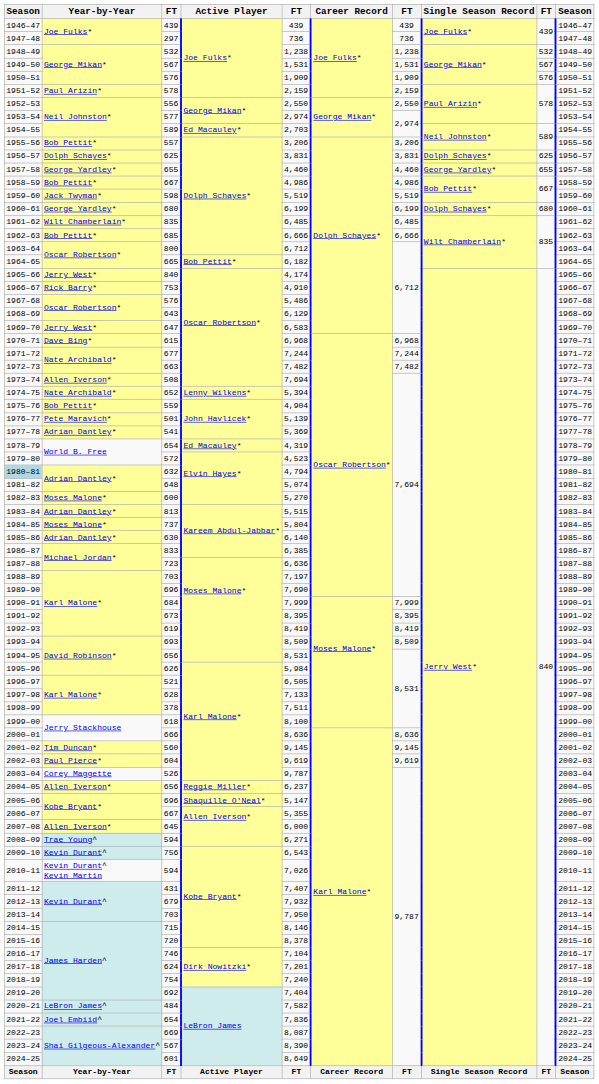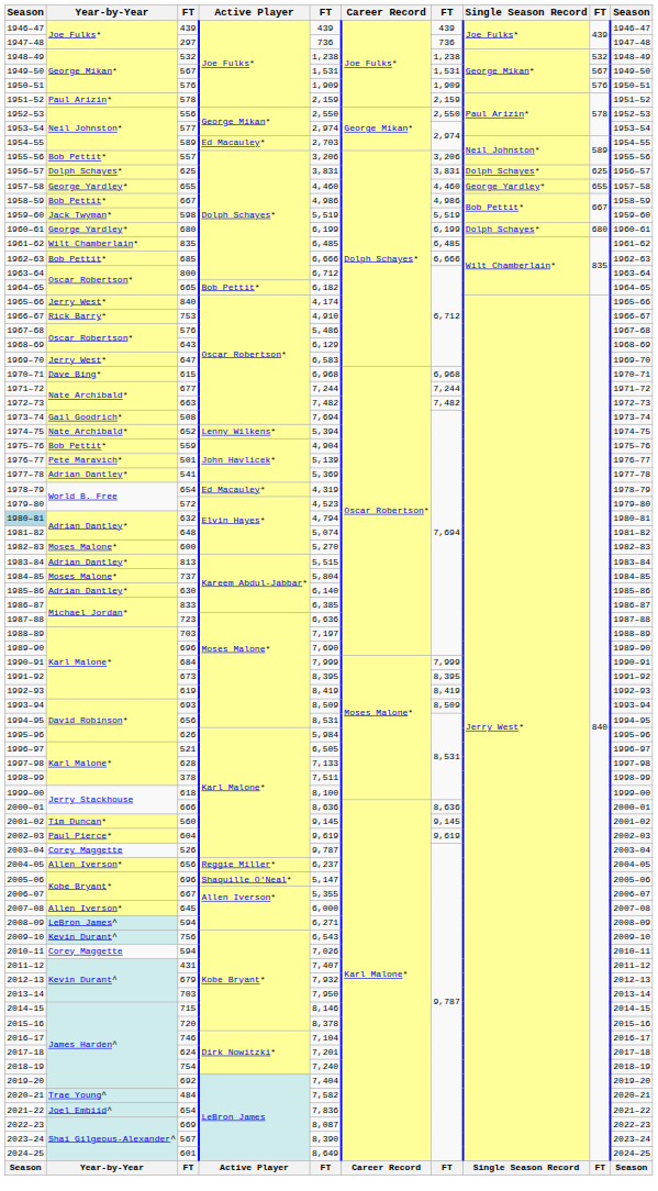 <table class="wikitable">
 <tr style="font-size:115%;">
 <th>Season</th>
 <th>Year-by-Year</th>
 <th>FT</th>
 <th>Active Player</th>
 <th>FT</th>
 <th>Career Record</th>
 <th>FT</th>
 <th>Single Season Record</th>
 <th>FT</th>
 <th>Season</th>
 </tr>
 <tr>
 <td>1946–47</td>
 <td rowspan=2 bgcolor="#FFFF99"><a href='#'>Joe Fulks</a>*</td>
 <td align=center style="border-right: solid blue">439</td>
 <td rowspan=6 bgcolor="#FFFF99"><a href='#'>Joe Fulks</a>*</td>
 <td align=center style="border-right: solid blue">439</td>
 <td bgcolor="#FFFF99" rowspan=6><a href='#'>Joe Fulks</a>*</td>
 <td align=center style="border-right: solid blue">439</td>
 <td rowspan=2 bgcolor="#FFFF99"><a href='#'>Joe Fulks</a>*</td>
 <td rowspan=2 align=center style="border-right: solid blue">439</td>
 <td>1946–47</td>
 </tr>
 <tr>
 <td>1947–48</td>
 <td align=center style="border-right: solid blue">297</td>
 <td align=center style="border-right: solid blue">736</td>
 <td align=center  style="border-right: solid blue">736</td>
 <td>1947–48</td>
 </tr>
 <tr>
 <td>1948–49</td>
 <td rowspan=3 bgcolor="#FFFF99"><a href='#'>George Mikan</a>*</td>
 <td align=center style="border-right: solid blue">532</td>
 <td align=center style="border-right: solid blue">1,238</td>
 <td align=center  style="border-right: solid blue">1,238</td>
 <td rowspan=3 bgcolor="#FFFF99"><a href='#'>George Mikan</a>*</td>
 <td align=center style="border-right: solid blue">532</td>
 <td>1948–49</td>
 </tr>
 <tr>
 <td>1949–50</td>
 <td align=center style="border-right: solid blue">567</td>
 <td align=center style="border-right: solid blue">1,531</td>
 <td align=center  style="border-right: solid blue">1,531</td>
 <td align=center style="border-right: solid blue">567</td>
 <td>1949–50</td>
 </tr>
 <tr>
 <td>1950–51</td>
 <td align=center style="border-right: solid blue">576</td>
 <td align=center style="border-right: solid blue">1,909</td>
 <td align=center  style="border-right: solid blue">1,909</td>
 <td align=center style="border-right: solid blue">576</td>
 <td>1950–51</td>
 </tr>
 <tr>
 <td>1951–52</td>
 <td bgcolor="#FFFF99"><a href='#'>Paul Arizin</a>*</td>
 <td align=center style="border-right: solid blue">578</td>
 <td align=center style="border-right: solid blue">2,159</td>
 <td align=center  style="border-right: solid blue">2,159</td>
 <td rowspan=3 bgcolor="#FFFF99"><a href='#'>Paul Arizin</a>*</td>
 <td rowspan=3 align=center  style="border-right: solid blue">578</td>
 <td>1951–52</td>
 </tr>
 <tr>
 <td>1952–53</td>
 <td rowspan=3 bgcolor="#FFFF99"><a href='#'>Neil Johnston</a>*</td>
 <td align=center style="border-right: solid blue">556</td>
 <td rowspan=2 bgcolor="#FFFF99"><a href='#'>George Mikan</a>*</td>
 <td align=center style="border-right: solid blue">2,550</td>
 <td rowspan=3 bgcolor="#FFFF99"><a href='#'>George Mikan</a>*</td>
 <td align=center  style="border-right: solid blue">2,550</td>
 <td>1952–53</td>
 </tr>
 <tr>
 <td>1953–54</td>
 <td align=center style="border-right: solid blue">577</td>
 <td align=center style="border-right: solid blue">2,974</td>
 <td rowspan=2 align=center  style="border-right: solid blue">2,974</td>
 <td>1953–54</td>
 </tr>
 <tr>
 <td>1954–55</td>
 <td align=center style="border-right: solid blue">589</td>
 <td bgcolor="#FFFF99"><a href='#'>Ed Macauley</a>*</td>
 <td align=center style="border-right: solid blue">2,703</td>
 <td rowspan=2 bgcolor="#FFFF99"><a href='#'>Neil Johnston</a>*</td>
 <td align=center rowspan=2  style="border-right: solid blue">589</td>
 <td>1954–55</td>
 </tr>
 <tr>
 <td>1955–56</td>
 <td bgcolor="#FFFF99"><a href='#'>Bob Pettit</a>*</td>
 <td align=center style="border-right: solid blue">557</td>
 <td bgcolor="#FFFF99" rowspan=9><a href='#'>Dolph Schayes</a>*</td>
 <td align=center style="border-right: solid blue">3,206</td>
 <td bgcolor="#FFFF99" rowspan=15><a href='#'>Dolph Schayes</a>*</td>
 <td align=center style="border-right: solid blue">3,206</td>
 <td>1955–56</td>
 </tr>
 <tr>
 <td>1956–57</td>
 <td bgcolor="#FFFF99"><a href='#'>Dolph Schayes</a>*</td>
 <td align=center style="border-right: solid blue">625</td>
 <td align=center style="border-right: solid blue">3,831</td>
 <td align=center style="border-right: solid blue">3,831</td>
 <td bgcolor="#FFFF99"><a href='#'>Dolph Schayes</a>*</td>
 <td align=center  style="border-right: solid blue">625</td>
 <td>1956–57</td>
 </tr>
 <tr>
 <td>1957–58</td>
 <td bgcolor="#FFFF99"><a href='#'>George Yardley</a>*</td>
 <td align=center style="border-right: solid blue">655</td>
 <td align=center style="border-right: solid blue">4,460</td>
 <td align=center style="border-right: solid blue">4,460</td>
 <td bgcolor="#FFFF99"><a href='#'>George Yardley</a>*</td>
 <td align=center style="border-right: solid blue">655</td>
 <td>1957–58</td>
 </tr>
 <tr>
 <td>1958–59</td>
 <td bgcolor="#FFFF99"><a href='#'>Bob Pettit</a>*</td>
 <td align=center style="border-right: solid blue">667</td>
 <td align=center style="border-right: solid blue">4,986</td>
 <td align=center style="border-right: solid blue">4,986</td>
 <td rowspan=2 bgcolor="#FFFF99"><a href='#'>Bob Pettit</a>*</td>
 <td rowspan=2 align=center style="border-right: solid blue">667</td>
 <td>1958–59</td>
 </tr>
 <tr>
 <td>1959–60</td>
 <td bgcolor="#FFFF99"><a href='#'>Jack Twyman</a>*</td>
 <td align=center style="border-right: solid blue">598</td>
 <td align=center style="border-right: solid blue">5,519</td>
 <td align=center style="border-right: solid blue">5,519</td>
 <td>1959–60</td>
 </tr>
 <tr>
 <td>1960–61</td>
 <td bgcolor="#FFFF99"><a href='#'>George Yardley</a>*</td>
 <td align=center style="border-right: solid blue">680</td>
 <td align=center style="border-right: solid blue">6,199</td>
 <td align=center style="border-right: solid blue">6,199</td>
 <td bgcolor="#FFFF99"><a href='#'>Dolph Schayes</a>*</td>
 <td align=center style="border-right: solid blue">680</td>
 <td>1960–61</td>
 </tr>
 <tr>
 <td>1961–62</td>
 <td bgcolor="#FFFF99"><a href='#'>Wilt Chamberlain</a>*</td>
 <td align=center style="border-right: solid blue">835</td>
 <td align=center style="border-right: solid blue">6,485</td>
 <td align=center style="border-right: solid blue">6,485</td>
 <td rowspan=4 bgcolor="#FFFF99"><a href='#'>Wilt Chamberlain</a>*</td>
 <td rowspan=4 align=center style="border-right: solid blue">835</td>
 <td>1961–62</td>
 </tr>
 <tr>
 <td>1962–63</td>
 <td bgcolor="#FFFF99"><a href='#'>Bob Pettit</a>*</td>
 <td align=center style="border-right: solid blue">685</td>
 <td align=center style="border-right: solid blue">6,666</td>
 <td align=center style="border-right: solid blue">6,666</td>
 <td>1962–63</td>
 </tr>
 <tr>
 <td>1963–64</td>
 <td rowspan=2 bgcolor="#FFFF99"><a href='#'>Oscar Robertson</a>*</td>
 <td align=center style="border-right: solid blue">800</td>
 <td align=center style="border-right: solid blue">6,712</td>
 <td rowspan=7 align=center style="border-right: solid blue">6,712</td>
 <td>1963–64</td>
 </tr>
 <tr>
 <td>1964–65</td>
 <td align=center style="border-right: solid blue">665</td>
 <td bgcolor="#FFFF99"><a href='#'>Bob Pettit</a>*</td>
 <td align=center style="border-right: solid blue">6,182</td>
 <td>1964–65</td>
 </tr>
 <tr>
 <td>1965–66</td>
 <td bgcolor="#FFFF99"><a href='#'>Jerry West</a>*</td>
 <td align=center style="border-right: solid blue">840</td>
 <td rowspan=9 bgcolor="#FFFF99"><a href='#'>Oscar Robertson</a>*<br><br></td>
 <td align=center style="border-right: solid blue">4,174</td>
 <td rowspan=60 bgcolor="#FFFF99"><a href='#'>Jerry West</a>*</td>
 <td rowspan=60 align=center style="border-right: solid blue">840</td>
 <td>1965–66</td>
 </tr>
 <tr>
 <td>1966–67</td>
 <td bgcolor="#FFFF99"><a href='#'>Rick Barry</a>*</td>
 <td align=center style="border-right: solid blue">753</td>
 <td align=center style="border-right: solid blue">4,910</td>
 <td>1966–67</td>
 </tr>
 <tr>
 <td>1967–68</td>
 <td rowspan=2 bgcolor="#FFFF99"><a href='#'>Oscar Robertson</a>*</td>
 <td align=center style="border-right: solid blue">576</td>
 <td align=center style="border-right: solid blue">5,486</td>
 <td>1967–68</td>
 </tr>
 <tr>
 <td>1968–69</td>
 <td align=center style="border-right: solid blue">643</td>
 <td align=center style="border-right: solid blue">6,129</td>
 <td>1968–69</td>
 </tr>
 <tr>
 <td>1969–70</td>
 <td bgcolor="#FFFF99"><a href='#'>Jerry West</a>*</td>
 <td align=center style="border-right: solid blue">647</td>
 <td align=center style="border-right: solid blue">6,583</td>
 <td>1969–70</td>
 </tr>
 <tr>
 <td>1970–71</td>
 <td bgcolor="#FFFF99"><a href='#'>Dave Bing</a>*</td>
 <td align=center style="border-right: solid blue">615</td>
 <td align=center style="border-right: solid blue">6,968</td>
 <td rowspan=20 bgcolor="#FFFF99"><a href='#'>Oscar Robertson</a>*</td>
 <td align=center style="border-right: solid blue">6,968</td>
 <td>1970–71</td>
 </tr>
 <tr>
 <td>1971–72</td>
 <td rowspan=2 bgcolor="#FFFF99"><a href='#'>Nate Archibald</a>*<br></td>
 <td align=center style="border-right: solid blue">677</td>
 <td align=center style="border-right: solid blue">7,244</td>
 <td align=center style="border-right: solid blue">7,244</td>
 <td>1971–72</td>
 </tr>
 <tr>
 <td>1972–73</td>
 <td align=center style="border-right: solid blue">663</td>
 <td align=center style="border-right: solid blue">7,482</td>
 <td align=center style="border-right: solid blue">7,482</td>
 <td>1972–73</td>
 </tr>
 <tr>
 <td>1973–74</td>
-<td bgcolor="#FFFF99"><a href='#'>Allen Iverson</a>*</td>
+<td bgcolor="#FFFF99"><a href='#'>Gail Goodrich</a>*</td>
 <td align=center style="border-right: solid blue">508</td>
 <td align=center style="border-right: solid blue">7,694</td>
 <td rowspan=17 align=center style="border-right: solid blue">7,694</td>
 <td>1973–74</td>
 </tr>
 <tr>
 <td>1974–75</td>
 <td bgcolor="#FFFF99"><a href='#'>Nate Archibald</a>*</td>
 <td align=center style="border-right: solid blue">652</td>
 <td bgcolor="#FFFF99"><a href='#'>Lenny Wilkens</a>*</td>
 <td align=center style="border-right: solid blue">5,394</td>
 <td>1974–75</td>
 </tr>
 <tr>
 <td>1975–76</td>
 <td bgcolor="#FFFF99"><a href='#'>Bob Pettit</a>*</td>
 <td align=center style="border-right: solid blue">559</td>
 <td rowspan=3 bgcolor="#FFFF99"><a href='#'>John Havlicek</a>*</td>
 <td align=center style="border-right: solid blue">4,904</td>
 <td>1975–76</td>
 </tr>
 <tr>
 <td>1976–77</td>
 <td bgcolor="#FFFF99"><a href='#'>Pete Maravich</a>*</td>
 <td align=center style="border-right: solid blue">501</td>
 <td align=center style="border-right: solid blue">5,139</td>
 <td>1976–77</td>
 </tr>
 <tr>
 <td>1977–78</td>
 <td bgcolor="#FFFF99"><a href='#'>Adrian Dantley</a>*</td>
 <td align=center style="border-right: solid blue">541</td>
 <td align=center style="border-right: solid blue">5,369</td>
 <td>1977–78</td>
 </tr>
 <tr>
 <td>1978–79</td>
 <td rowspan=2><a href='#'>World B. Free</a></td>
 <td align=center style="border-right: solid blue">654</td>
 <td bgcolor="#FFFF99"><a href='#'>Ed Macauley</a>*</td>
 <td align=center style="border-right: solid blue">4,319</td>
 <td>1978–79</td>
 </tr>
 <tr>
 <td>1979–80</td>
 <td align=center style="border-right: solid blue">572</td>
 <td rowspan=4 bgcolor="#FFFF99"><a href='#'>Elvin Hayes</a>*<br><br></td>
 <td align=center style="border-right: solid blue">4,523</td>
 <td>1979–80</td>
 </tr>
 <tr>
 <td style="background: lightblue;">1980–81</td>
 <td rowspan=2 bgcolor="#FFFF99"><a href='#'>Adrian Dantley</a>*</td>
 <td align=center style="border-right: solid blue">632</td>
 <td align=center style="border-right: solid blue">4,794</td>
 <td>1980–81</td>
 </tr>
 <tr>
 <td>1981–82</td>
 <td align=center style="border-right: solid blue">648</td>
 <td align=center style="border-right: solid blue">5,074</td>
 <td>1981–82</td>
 </tr>
 <tr>
 <td>1982–83</td>
 <td bgcolor="#FFFF99"><a href='#'>Moses Malone</a>*</td>
 <td align=center style="border-right: solid blue">600</td>
 <td align=center style="border-right: solid blue">5,270</td>
 <td>1982–83</td>
 </tr>
 <tr>
 <td>1983–84</td>
 <td bgcolor="#FFFF99"><a href='#'>Adrian Dantley</a>*</td>
 <td align=center style="border-right: solid blue">813</td>
 <td bgcolor="#FFFF99" rowspan=4><a href='#'>Kareem Abdul-Jabbar</a>*</td>
 <td align=center style="border-right: solid blue">5,515</td>
 <td>1983–84</td>
 </tr>
 <tr>
 <td>1984–85</td>
 <td bgcolor="#FFFF99"><a href='#'>Moses Malone</a>*</td>
 <td align=center style="border-right: solid blue">737</td>
 <td align=center style="border-right: solid blue">5,804</td>
 <td>1984–85</td>
 </tr>
 <tr>
 <td>1985–86</td>
 <td bgcolor="#FFFF99"><a href='#'>Adrian Dantley</a>*</td>
 <td align=center style="border-right: solid blue">630</td>
 <td align=center style="border-right: solid blue">6,140</td>
 <td>1985–86</td>
 </tr>
 <tr>
 <td>1986–87</td>
 <td rowspan=2 bgcolor="#FFFF99"><a href='#'>Michael Jordan</a>*</td>
 <td align=center style="border-right: solid blue">833</td>
 <td align=center style="border-right: solid blue">6,385</td>
 <td>1986–87</td>
 </tr>
 <tr>
 <td>1987–88</td>
 <td align=center style="border-right: solid blue">723</td>
 <td rowspan=8 bgcolor="#FFFF99"><a href='#'>Moses Malone</a>*<br><br><br><br><br></td>
 <td align=center style="border-right: solid blue">6,636</td>
 <td>1987–88</td>
 </tr>
 <tr>
 <td>1988–89</td>
 <td rowspan=5 bgcolor="#FFFF99"><a href='#'>Karl Malone</a>*</td>
 <td align=center style="border-right: solid blue">703</td>
 <td align=center style="border-right: solid blue">7,197</td>
 <td>1988–89</td>
 </tr>
 <tr>
 <td>1989–90</td>
 <td align=center style="border-right: solid blue">696</td>
 <td align=center style="border-right: solid blue">7,690</td>
 <td>1989–90</td>
 </tr>
 <tr>
 <td>1990–91</td>
 <td align=center style="border-right: solid blue">684</td>
 <td align=center style="border-right: solid blue">7,999</td>
 <td rowspan=10 bgcolor="#FFFF99"><a href='#'>Moses Malone</a>*<br><br><br><br></td>
 <td align=center style="border-right: solid blue">7,999</td>
 <td>1990–91</td>
 </tr>
 <tr>
 <td>1991–92</td>
 <td align=center style="border-right: solid blue">673</td>
 <td align=center style="border-right: solid blue">8,395</td>
 <td align=center style="border-right: solid blue">8,395</td>
 <td>1991–92</td>
 </tr>
 <tr>
 <td>1992–93</td>
 <td align=center style="border-right: solid blue">619</td>
 <td align=center style="border-right: solid blue">8,419</td>
 <td align=center style="border-right: solid blue">8,419</td>
 <td>1992–93</td>
 </tr>
 <tr>
 <td>1993–94</td>
 <td rowspan=3 bgcolor="#FFFF99"><a href='#'>David Robinson</a>*</td>
 <td align=center style="border-right: solid blue">693</td>
 <td align=center style="border-right: solid blue">8,509</td>
 <td align=center style="border-right: solid blue">8,509</td>
 <td>1993–94</td>
 </tr>
 <tr>
 <td>1994–95</td>
 <td align=center style="border-right: solid blue">656</td>
 <td align=center style="border-right: solid blue">8,531</td>
 <td rowspan=6 align=center style="border-right: solid blue">8,531</td>
 <td>1994–95</td>
 </tr>
 <tr>
 <td>1995–96</td>
 <td align=center style="border-right: solid blue">626</td>
 <td rowspan=9 bgcolor="#FFFF99"><a href='#'>Karl Malone</a>*<br><br></td>
 <td align=center style="border-right: solid blue">5,984</td>
 <td>1995–96</td>
 </tr>
 <tr>
 <td>1996–97</td>
 <td rowspan=3 bgcolor="#FFFF99"><a href='#'>Karl Malone</a>*</td>
 <td align=center style="border-right: solid blue">521</td>
 <td align=center style="border-right: solid blue">6,505</td>
 <td>1996–97</td>
 </tr>
 <tr>
 <td>1997–98</td>
 <td align=center style="border-right: solid blue">628</td>
 <td align=center style="border-right: solid blue">7,133</td>
 <td>1997–98</td>
 </tr>
 <tr>
 <td>1998–99</td>
 <td align=center style="border-right: solid blue">378</td>
 <td align=center style="border-right: solid blue">7,511</td>
 <td>1998–99</td>
 </tr>
 <tr>
 <td>1999–00</td>
 <td rowspan=2><a href='#'>Jerry Stackhouse</a></td>
 <td align=center style="border-right: solid blue">618</td>
 <td align=center style="border-right: solid blue">8,100</td>
 <td>1999–00</td>
 </tr>
 <tr>
 <td>2000–01</td>
 <td align=center style="border-right: solid blue">666</td>
 <td align=center style="border-right: solid blue">8,636</td>
 <td rowspan=25 bgcolor="#FFFF99"><a href='#'>Karl Malone</a>*<br><br></td>
 <td align=center style="border-right: solid blue">8,636</td>
 <td>2000–01</td>
 </tr>
 <tr>
 <td>2001–02</td>
 <td bgcolor="#FFFF99"><a href='#'>Tim Duncan</a>*</td>
 <td align=center style="border-right: solid blue">560</td>
 <td align=center style="border-right: solid blue">9,145</td>
 <td align=center style="border-right: solid blue">9,145</td>
 <td>2001–02</td>
 </tr>
 <tr>
 <td>2002–03</td>
 <td bgcolor="#FFFF99"><a href='#'>Paul Pierce</a>*</td>
 <td align=center style="border-right: solid blue">604</td>
 <td align=center style="border-right: solid blue">9,619</td>
 <td align=center style="border-right: solid blue">9,619</td>
 <td>2002–03</td>
 </tr>
 <tr>
 <td>2003–04</td>
 <td><a href='#'>Corey Maggette</a></td>
 <td align=center style="border-right: solid blue">526</td>
 <td align=center style="border-right: solid blue">9,787</td>
 <td rowspan=22 align=center style="border-right: solid blue">9,787</td>
 <td>2003–04</td>
 </tr>
 <tr>
 <td>2004–05</td>
 <td bgcolor="#FFFF99"><a href='#'>Allen Iverson</a>*</td>
 <td align=center style="border-right: solid blue">656</td>
 <td bgcolor="#FFFF99"><a href='#'>Reggie Miller</a>*</td>
 <td align=center style="border-right: solid blue">6,237</td>
 <td>2004–05</td>
 </tr>
 <tr>
 <td>2005–06</td>
 <td rowspan=2 bgcolor="#FFFF99"><a href='#'>Kobe Bryant</a>*</td>
 <td align=center style="border-right: solid blue">696</td>
 <td bgcolor="#FFFF99"><a href='#'>Shaquille O'Neal</a>*</td>
 <td align=center style="border-right: solid blue">5,147</td>
 <td>2005–06</td>
 </tr>
 <tr>
 <td>2006–07</td>
 <td align=center style="border-right: solid blue">667</td>
 <td rowspan=3 bgcolor="#FFFF99"><a href='#'>Allen Iverson</a>*<br><br><br></td>
 <td align=center style="border-right: solid blue">5,355</td>
 <td>2006–07</td>
 </tr>
 <tr>
 <td>2007–08</td>
 <td bgcolor="#FFFF99"><a href='#'>Allen Iverson</a>*</td>
 <td align=center style="border-right: solid blue">645</td>
 <td align=center style="border-right: solid blue">6,000</td>
 <td>2007–08</td>
 </tr>
 <tr>
 <td>2008–09</td>
-<td bgcolor="#CFECEC"><a href='#'>Trae Young</a>^</td>
+<td bgcolor="#CFECEC"><a href='#'>LeBron James</a>^</td>
 <td align=center style="border-right: solid blue">594</td>
 <td align=center style="border-right: solid blue">6,271</td>
 <td>2008–09</td>
 </tr>
 <tr>
 <td>2009–10</td>
 <td bgcolor="#CFECEC"><a href='#'>Kevin Durant</a>^</td>
 <td align=center style="border-right: solid blue">756</td>
 <td rowspan=7 bgcolor="#FFFF99"><a href='#'>Kobe Bryant</a>*</td>
 <td align=center style="border-right: solid blue">6,543</td>
 <td>2009–10</td>
 </tr>
 <tr>
 <td>2010–11</td>
-<td><div><a href='#'>Kevin Durant</a>^</div><a href='#'>Kevin Martin</a></td>
+<td><a href='#'>Corey Maggette</a></td>
 <td align=center style="border-right: solid blue">594</td>
 <td align=center style="border-right: solid blue">7,026</td>
 <td>2010–11</td>
 </tr>
 <tr>
 <td>2011–12</td>
 <td rowspan=3 bgcolor="#CFECEC"><a href='#'>Kevin Durant</a>^</td>
 <td align=center style="border-right: solid blue">431</td>
 <td align=center style="border-right: solid blue">7,407</td>
 <td>2011–12</td>
 </tr>
 <tr>
 <td>2012–13</td>
 <td align=center style="border-right: solid blue">679</td>
 <td align=center style="border-right: solid blue">7,932</td>
 <td>2012–13</td>
 </tr>
 <tr>
 <td>2013–14</td>
 <td align=center style="border-right: solid blue">703</td>
 <td align=center style="border-right: solid blue">7,950</td>
 <td>2013–14</td>
 </tr>
 <tr>
 <td>2014–15</td>
 <td rowspan=6 bgcolor="#CFECEC"><a href='#'>James Harden</a>^</td>
 <td align=center style="border-right: solid blue">715</td>
 <td align=center style="border-right: solid blue">8,146</td>
 <td>2014–15</td>
 </tr>
 <tr>
 <td>2015–16</td>
 <td align=center style="border-right: solid blue">720</td>
 <td align=center style="border-right: solid blue">8,378</td>
 <td>2015–16</td>
 </tr>
 <tr>
 <td>2016–17</td>
 <td align=center style="border-right: solid blue">746</td>
 <td bgcolor="#FFFF99" rowspan=3><a href='#'>Dirk Nowitzki</a>*</td>
 <td align=center style="border-right: solid blue">7,104</td>
 <td>2016–17</td>
 </tr>
 <tr>
 <td>2017–18</td>
 <td align=center style="border-right: solid blue">624</td>
 <td align=center style="border-right: solid blue">7,201</td>
 <td>2017–18</td>
 </tr>
 <tr>
 <td>2018–19</td>
 <td align=center style="border-right: solid blue">754</td>
 <td align=center style="border-right: solid blue">7,240</td>
 <td>2018–19</td>
 </tr>
 <tr>
 <td>2019–20</td>
 <td align=center style="border-right: solid blue">692</td>
 <td rowspan=6 bgcolor="#CFECEC"><a href='#'>LeBron James</a></td>
 <td align=center style="border-right: solid blue">7,404</td>
 <td>2019–20</td>
 </tr>
 <tr>
 <td>2020–21</td>
-<td bgcolor="#CFECEC"><a href='#'>LeBron James</a>^</td>
+<td bgcolor="#CFECEC"><a href='#'>Trae Young</a>^</td>
 <td align=center style="border-right: solid blue">484</td>
 <td align=center style="border-right: solid blue">7,582</td>
 <td>2020–21</td>
 </tr>
 <tr>
 <td>2021–22</td>
 <td bgcolor="#CFECEC"><a href='#'>Joel Embiid</a>^</td>
 <td align=center style="border-right: solid blue">654</td>
 <td align=center style="border-right: solid blue">7,836</td>
 <td>2021–22</td>
 </tr>
 <tr>
 <td>2022–23</td>
 <td bgcolor="#CFECEC" rowspan=3><a href='#'>Shai Gilgeous-Alexander</a>^</td>
 <td align=center style="border-right: solid blue">669</td>
 <td align=center style="border-right: solid blue">8,087</td>
 <td>2022–23</td>
 </tr>
 <tr>
 <td>2023–24</td>
 <td align=center style="border-right: solid blue">567</td>
 <td align=center style="border-right: solid blue">8,390</td>
 <td>2023–24</td>
 </tr>
 <tr>
 <td>2024–25</td>
 <td align=center style="border-right: solid blue">601</td>
 <td align=center style="border-right: solid blue">8,649</td>
 <td>2024–25</td>
 </tr>
 <tr>
 <th>Season</th>
 <th>Year-by-Year</th>
 <th>FT</th>
 <th>Active Player</th>
 <th>FT</th>
 <th>Career Record</th>
 <th>FT</th>
 <th>Single Season Record</th>
 <th>FT</th>
 <th>Season</th>
 </tr>
 </table>
